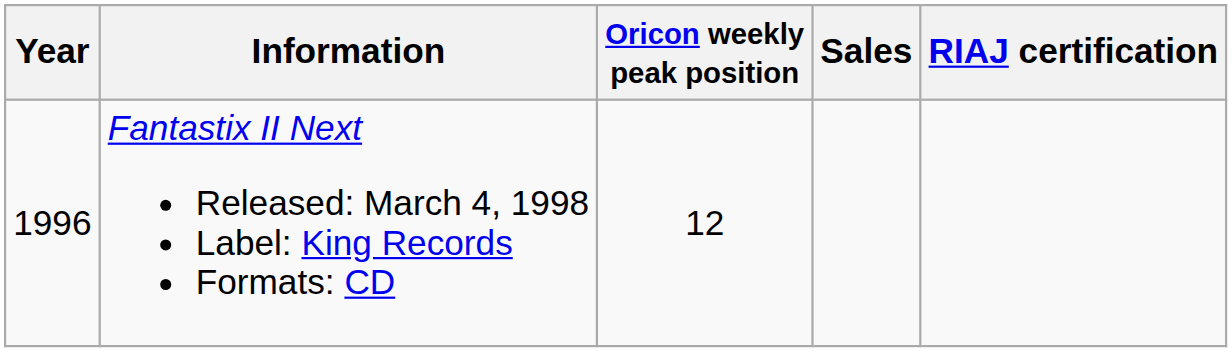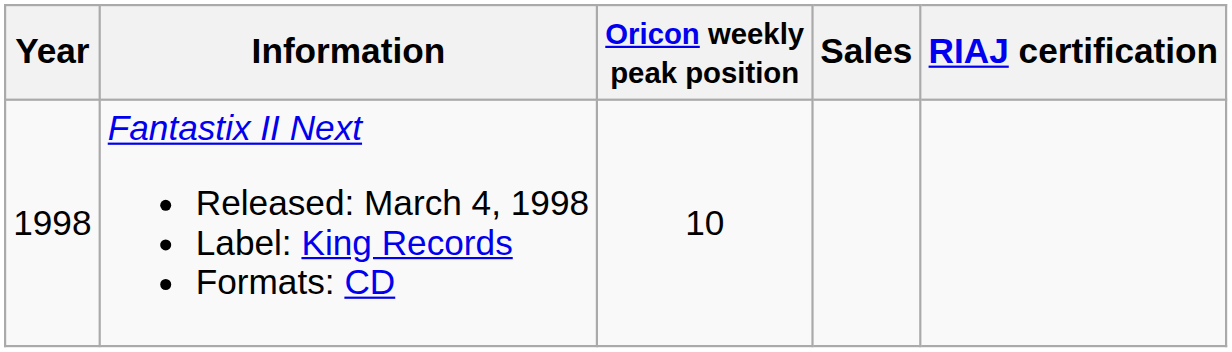 <table class="wikitable">
 <tr>
 <th>Year</th>
 <th>Information</th>
 <th><small><a href='#'>Oricon</a> weekly<br>peak position</small></th>
 <th>Sales</th>
 <th><a href='#'>RIAJ</a> certification</th>
 </tr>
 <tr>
-<td>1996</td>
+<td>1998</td>
 <td><em><a href='#'>Fantastix II Next</a></em><br><ul><li>Released: March 4, 1998</li><li>Label: <a href='#'>King Records</a></li><li>Formats: <a href='#'>CD</a></li></ul></td>
-<td style="text-align:center;">12</td>
+<td style="text-align:center;">10</td>
 <td align="left"></td>
 <td align="left"></td>
 </tr>
 </table>
